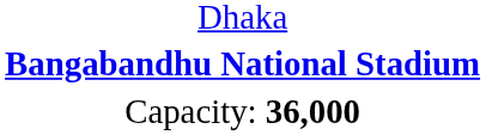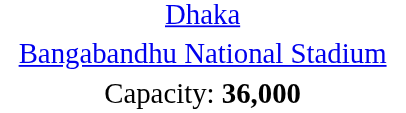 <table wikitable" style="text-align:center; margin: 1em auto">
 <tr>
 <td><a href='#'>Dhaka</a></td>
 </tr>
 <tr>
-<td><strong><a href='#'>Bangabandhu National Stadium</a></strong></td>
+<td><a href='#'>Bangabandhu National Stadium</a></td>
 </tr>
 <tr>
 <td>Capacity: <strong>36,000</strong></td>
 </tr>
 </table>
